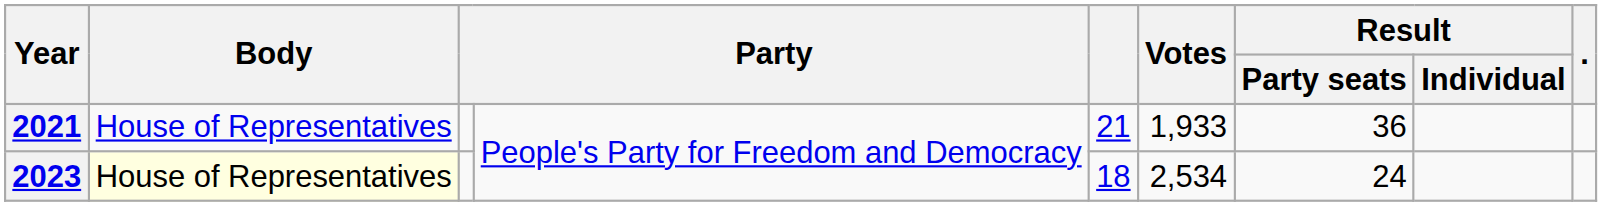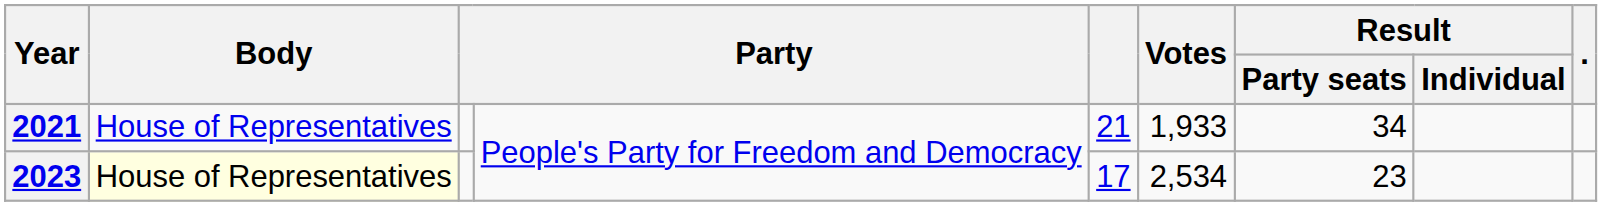 <table class="wikitable plainrowheaders sortable" border=2 cellpadding=4 cellspacing=0 style="border: 1px #aaa solid; font-size: 90%; text-align:center;">
 <tr>
 <th scope="col" rowspan=2>Year</th>
 <th scope="col" rowspan=2>Body</th>
 <th scope="col" colspan=2 rowspan=2>Party</th>
 <th scope="col" rowspan=2></th>
 <th scope="col" rowspan=2>Votes</th>
 <th scope="colgroup" colspan=2>Result</th>
 <th scope="col" rowspan=2 class="unsortable">.</th>
 </tr>
 <tr>
 <th scope="col">Party seats</th>
 <th scope="col">Individual</th>
 </tr>
 <tr>
 <th scope="row"><a href='#'>2021</a></th>
 <td><a href='#'>House of Representatives</a></td>
 <td style="background-color:"></td>
 <td rowspan="2"><a href='#'>People's Party for Freedom and Democracy</a></td>
 <td style=text-align:right><a href='#'>21</a></td>
 <td style=text-align:right>1,933</td>
-<td style=text-align:right>36</td>
+<td style=text-align:right>34</td>
 <td></td>
 <td></td>
 </tr>
 <tr>
 <th scope="row"><a href='#'>2023</a></th>
 <td style="background: lightyellow;">House of Representatives</td>
 <td style="background-color:"></td>
-<td style=text-align:right><a href='#'>18</a></td>
+<td style=text-align:right><a href='#'>17</a></td>
 <td style=text-align:right>2,534</td>
-<td style=text-align:right>24</td>
+<td style=text-align:right>23</td>
 <td></td>
 <td></td>
 </tr>
 </table>
